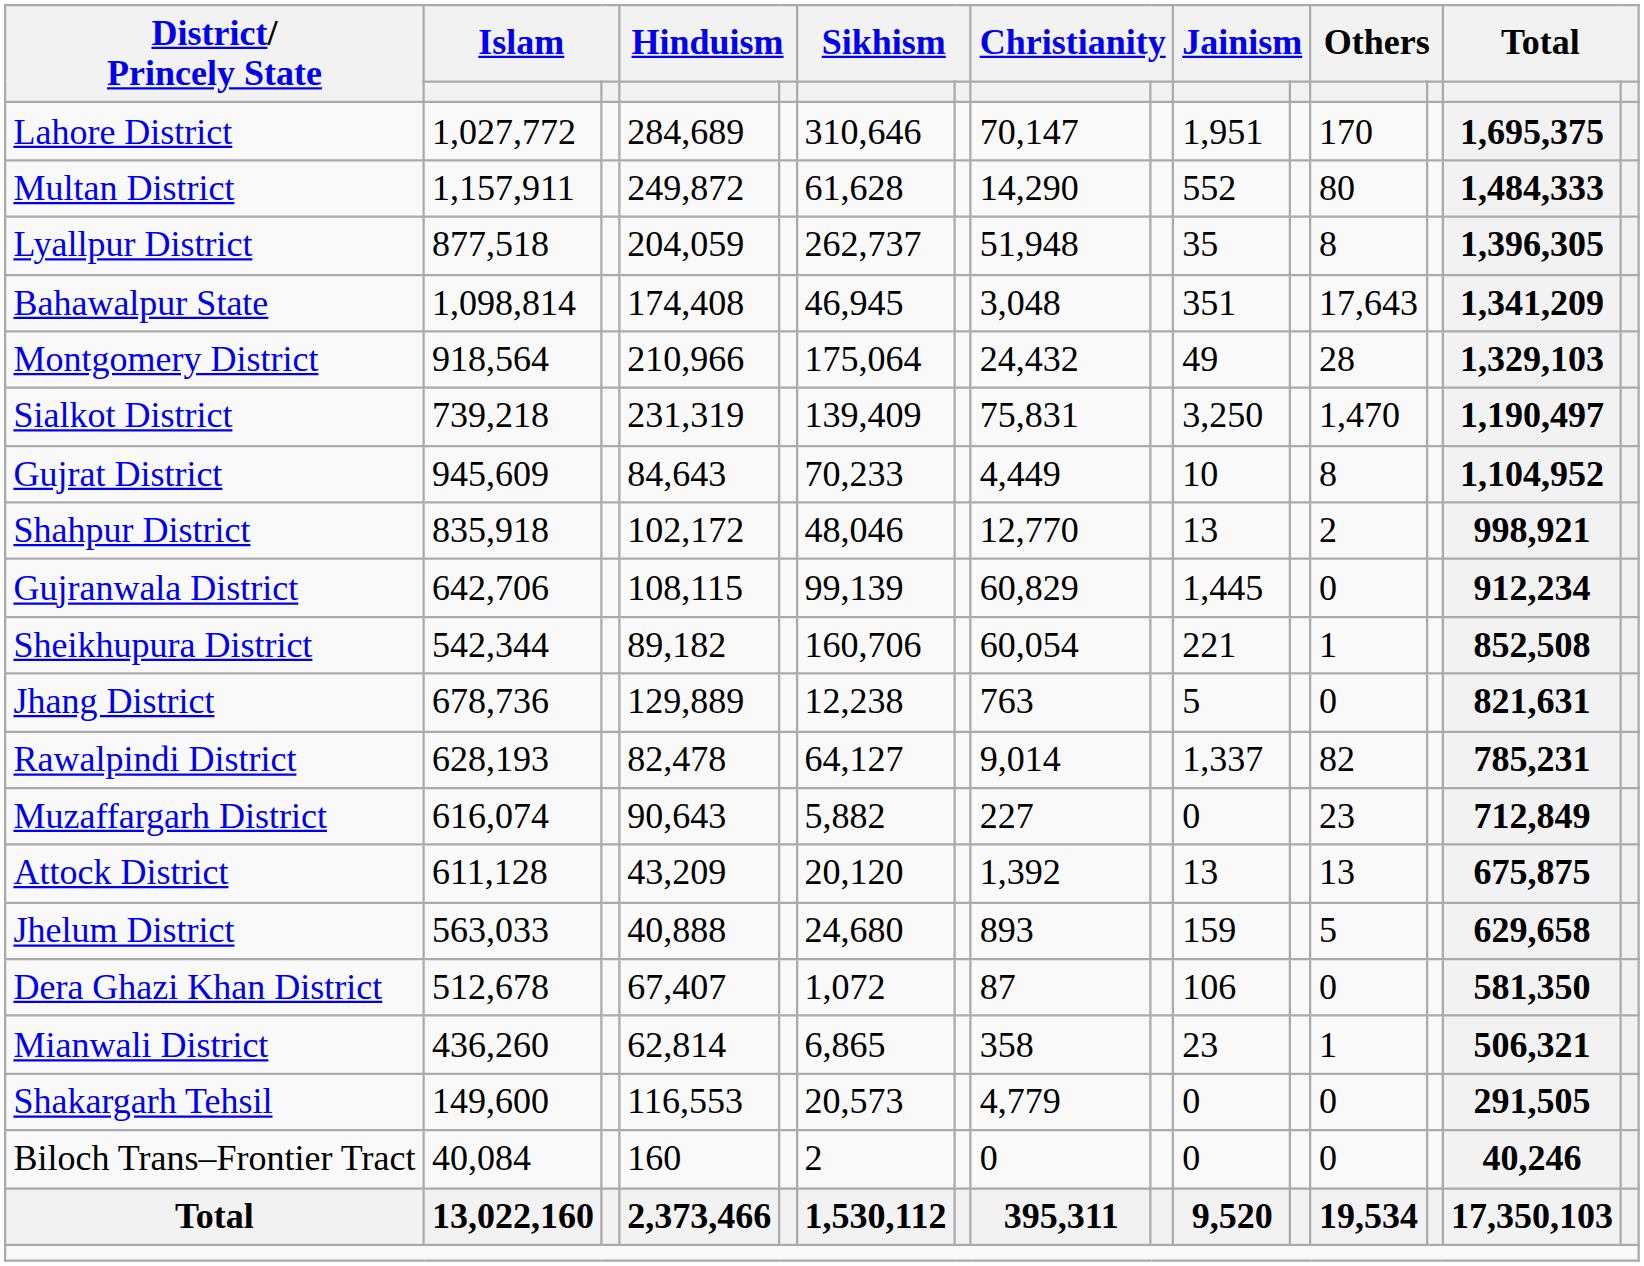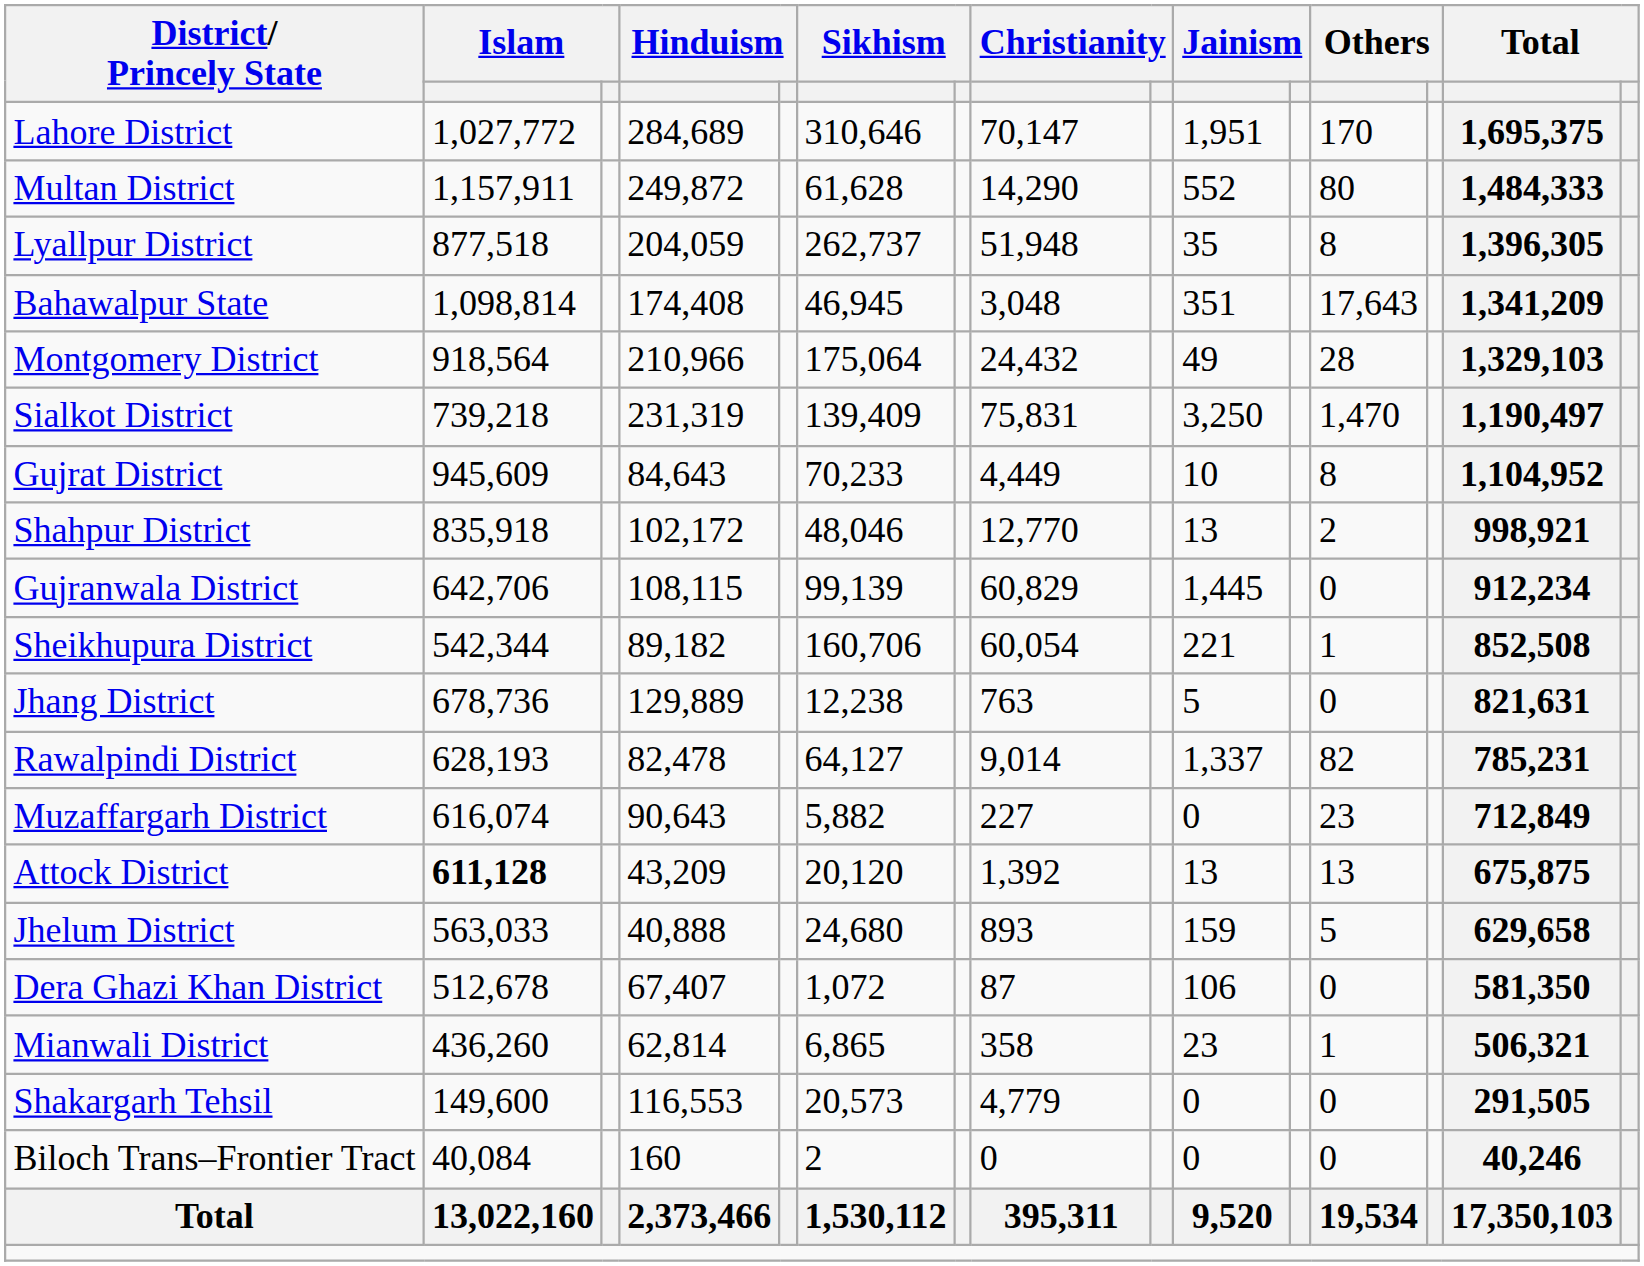 <table class="wikitable sortable">
 <tr>
 <th rowspan="2"><a href='#'>District</a>/<br><a href='#'>Princely State</a></th>
 <th colspan="2"><a href='#'>Islam</a> </th>
 <th colspan="2"><a href='#'>Hinduism</a> </th>
 <th colspan="2"><a href='#'>Sikhism</a> </th>
 <th colspan="2"><a href='#'>Christianity</a> </th>
 <th colspan="2"><a href='#'>Jainism</a> </th>
 <th colspan="2">Others</th>
 <th colspan="2">Total</th>
 </tr>
 <tr>
 <th><a href='#'></a></th>
 <th></th>
 <th></th>
 <th></th>
 <th></th>
 <th></th>
 <th></th>
 <th></th>
 <th></th>
 <th></th>
 <th></th>
 <th></th>
 <th></th>
 <th></th>
 </tr>
 <tr>
 <td><a href='#'>Lahore District</a></td>
 <td>1,027,772</td>
 <td></td>
 <td>284,689</td>
 <td></td>
 <td>310,646</td>
 <td></td>
 <td>70,147</td>
 <td></td>
 <td>1,951</td>
 <td></td>
 <td>170</td>
 <td></td>
 <th>1,695,375</th>
 <th></th>
 </tr>
 <tr>
 <td><a href='#'>Multan District</a></td>
 <td>1,157,911</td>
 <td></td>
 <td>249,872</td>
 <td></td>
 <td>61,628</td>
 <td></td>
 <td>14,290</td>
 <td></td>
 <td>552</td>
 <td></td>
 <td>80</td>
 <td></td>
 <th>1,484,333</th>
 <th></th>
 </tr>
 <tr>
 <td><a href='#'>Lyallpur District</a></td>
 <td>877,518</td>
 <td></td>
 <td>204,059</td>
 <td></td>
 <td>262,737</td>
 <td></td>
 <td>51,948</td>
 <td></td>
 <td>35</td>
 <td></td>
 <td>8</td>
 <td></td>
 <th>1,396,305</th>
 <th></th>
 </tr>
 <tr>
 <td><a href='#'>Bahawalpur State</a></td>
 <td>1,098,814</td>
 <td></td>
 <td>174,408</td>
 <td></td>
 <td>46,945</td>
 <td></td>
 <td>3,048</td>
 <td></td>
 <td>351</td>
 <td></td>
 <td>17,643</td>
 <td></td>
 <th>1,341,209</th>
 <th></th>
 </tr>
 <tr>
 <td><a href='#'>Montgomery District</a></td>
 <td>918,564</td>
 <td></td>
 <td>210,966</td>
 <td></td>
 <td>175,064</td>
 <td></td>
 <td>24,432</td>
 <td></td>
 <td>49</td>
 <td></td>
 <td>28</td>
 <td></td>
 <th>1,329,103</th>
 <th></th>
 </tr>
 <tr>
 <td><a href='#'>Sialkot District</a></td>
 <td>739,218</td>
 <td></td>
 <td>231,319</td>
 <td></td>
 <td>139,409</td>
 <td></td>
 <td>75,831</td>
 <td></td>
 <td>3,250</td>
 <td></td>
 <td>1,470</td>
 <td></td>
 <th>1,190,497</th>
 <th></th>
 </tr>
 <tr>
 <td><a href='#'>Gujrat District</a></td>
 <td>945,609</td>
 <td></td>
 <td>84,643</td>
 <td></td>
 <td>70,233</td>
 <td></td>
 <td>4,449</td>
 <td></td>
 <td>10</td>
 <td></td>
 <td>8</td>
 <td></td>
 <th>1,104,952</th>
 <th></th>
 </tr>
 <tr>
 <td><a href='#'>Shahpur District</a></td>
 <td>835,918</td>
 <td></td>
 <td>102,172</td>
 <td></td>
 <td>48,046</td>
 <td></td>
 <td>12,770</td>
 <td></td>
 <td>13</td>
 <td></td>
 <td>2</td>
 <td></td>
 <th>998,921</th>
 <th></th>
 </tr>
 <tr>
 <td><a href='#'>Gujranwala District</a></td>
 <td>642,706</td>
 <td></td>
 <td>108,115</td>
 <td></td>
 <td>99,139</td>
 <td></td>
 <td>60,829</td>
 <td></td>
 <td>1,445</td>
 <td></td>
 <td>0</td>
 <td></td>
 <th>912,234</th>
 <th></th>
 </tr>
 <tr>
 <td><a href='#'>Sheikhupura District</a></td>
 <td>542,344</td>
 <td></td>
 <td>89,182</td>
 <td></td>
 <td>160,706</td>
 <td></td>
 <td>60,054</td>
 <td></td>
 <td>221</td>
 <td></td>
 <td>1</td>
 <td></td>
 <th>852,508</th>
 <th></th>
 </tr>
 <tr>
 <td><a href='#'>Jhang District</a></td>
 <td>678,736</td>
 <td></td>
 <td>129,889</td>
 <td></td>
 <td>12,238</td>
 <td></td>
 <td>763</td>
 <td></td>
 <td>5</td>
 <td></td>
 <td>0</td>
 <td></td>
 <th>821,631</th>
 <th></th>
 </tr>
 <tr>
 <td><a href='#'>Rawalpindi District</a></td>
 <td>628,193</td>
 <td></td>
 <td>82,478</td>
 <td></td>
 <td>64,127</td>
 <td></td>
 <td>9,014</td>
 <td></td>
 <td>1,337</td>
 <td></td>
 <td>82</td>
 <td></td>
 <th>785,231</th>
 <th></th>
 </tr>
 <tr>
 <td><a href='#'>Muzaffargarh District</a></td>
 <td>616,074</td>
 <td></td>
 <td>90,643</td>
 <td></td>
 <td>5,882</td>
 <td></td>
 <td>227</td>
 <td></td>
 <td>0</td>
 <td></td>
 <td>23</td>
 <td></td>
 <th>712,849</th>
 <th></th>
 </tr>
 <tr>
 <td><a href='#'>Attock District</a></td>
-<td>611,128</td>
+<td><strong>611,128</strong></td>
 <td></td>
 <td>43,209</td>
 <td></td>
 <td>20,120</td>
 <td></td>
 <td>1,392</td>
 <td></td>
 <td>13</td>
 <td></td>
 <td>13</td>
 <td></td>
 <th>675,875</th>
 <th></th>
 </tr>
 <tr>
 <td><a href='#'>Jhelum District</a></td>
 <td>563,033</td>
 <td></td>
 <td>40,888</td>
 <td></td>
 <td>24,680</td>
 <td></td>
 <td>893</td>
 <td></td>
 <td>159</td>
 <td></td>
 <td>5</td>
 <td></td>
 <th>629,658</th>
 <th></th>
 </tr>
 <tr>
 <td><a href='#'>Dera Ghazi Khan District</a></td>
 <td>512,678</td>
 <td></td>
 <td>67,407</td>
 <td></td>
 <td>1,072</td>
 <td></td>
 <td>87</td>
 <td></td>
 <td>106</td>
 <td></td>
 <td>0</td>
 <td></td>
 <th>581,350</th>
 <th></th>
 </tr>
 <tr>
 <td><a href='#'>Mianwali District</a></td>
 <td>436,260</td>
 <td></td>
 <td>62,814</td>
 <td></td>
 <td>6,865</td>
 <td></td>
 <td>358</td>
 <td></td>
 <td>23</td>
 <td></td>
 <td>1</td>
 <td></td>
 <th>506,321</th>
 <th></th>
 </tr>
 <tr>
 <td><a href='#'>Shakargarh Tehsil</a></td>
 <td>149,600</td>
 <td></td>
 <td>116,553</td>
 <td></td>
 <td>20,573</td>
 <td></td>
 <td>4,779</td>
 <td></td>
 <td>0</td>
 <td></td>
 <td>0</td>
 <td></td>
 <th>291,505</th>
 <th></th>
 </tr>
 <tr>
 <td>Biloch Trans–Frontier Tract</td>
 <td>40,084</td>
 <td></td>
 <td>160</td>
 <td></td>
 <td>2</td>
 <td></td>
 <td>0</td>
 <td></td>
 <td>0</td>
 <td></td>
 <td>0</td>
 <td></td>
 <th>40,246</th>
 <th></th>
 </tr>
 <tr>
 <th>Total</th>
 <th>13,022,160</th>
 <th></th>
 <th>2,373,466</th>
 <th></th>
 <th>1,530,112</th>
 <th></th>
 <th>395,311</th>
 <th></th>
 <th>9,520</th>
 <th></th>
 <th>19,534</th>
 <th></th>
 <th>17,350,103</th>
 <th></th>
 </tr>
 <tr class="sortbottom">
 <td colspan="15"></td>
 </tr>
 </table>
